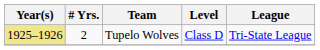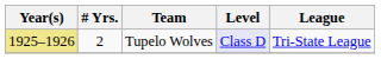 <table class="wikitable" style="text-align:center; font-size: 95%;">
 <tr>
 <th>Year(s)</th>
 <th># Yrs.</th>
 <th>Team</th>
 <th>Level</th>
 <th>League</th>
 </tr>
 <tr>
 <td style="background: khaki;">1925–1926</td>
 <td>2</td>
 <td>Tupelo Wolves</td>
-<td><a href='#'>Class D</a></td>
+<td style="background: lavender;"><a href='#'>Class D</a></td>
 <td><a href='#'>Tri-State League</a></td>
 </tr>
 <tr>
 </tr>
 </table>
